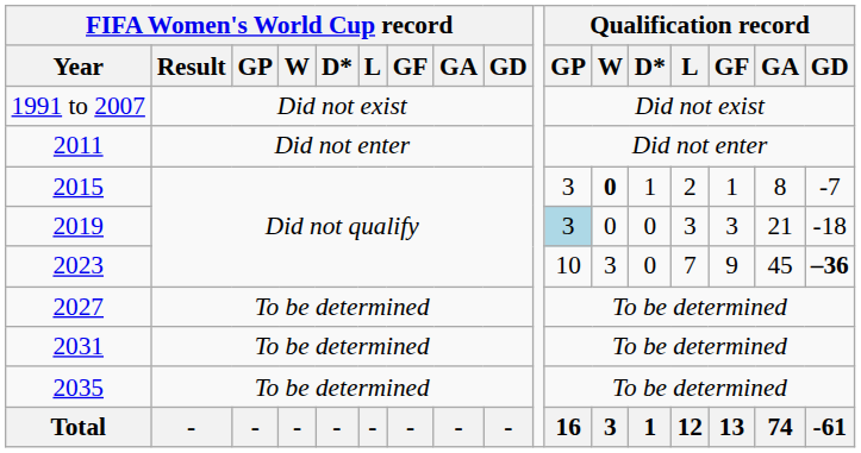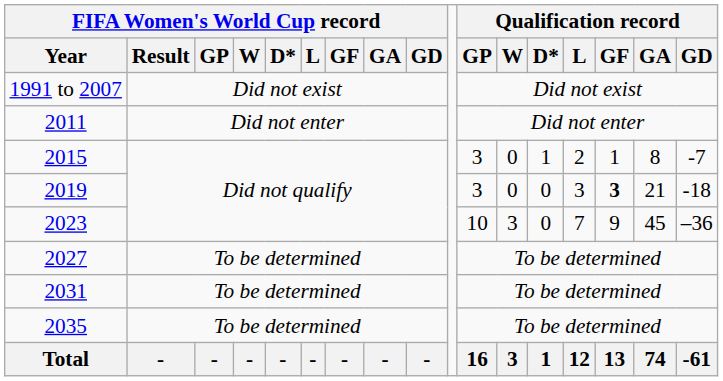 <table class="wikitable" style="text-align: center;">
 <tr>
 <th colspan=9><a href='#'>FIFA Women's World Cup</a> record</th>
 <td rowspan=100></td>
 <th colspan=7>Qualification record</th>
 </tr>
 <tr>
 <th>Year</th>
 <th>Result</th>
 <th>GP</th>
 <th>W</th>
 <th>D*</th>
 <th>L</th>
 <th>GF</th>
 <th>GA</th>
 <th>GD</th>
 <th>GP</th>
 <th>W</th>
 <th>D*</th>
 <th>L</th>
 <th>GF</th>
 <th>GA</th>
 <th>GD</th>
 </tr>
 <tr>
 <td> <a href='#'>1991</a> to  <a href='#'>2007</a></td>
 <td colspan=8><em>Did not exist</em></td>
 <td colspan=7><em>Did not exist</em></td>
 </tr>
 <tr>
 <td> <a href='#'>2011</a></td>
 <td colspan=8><em>Did not enter</em></td>
 <td colspan=7><em>Did not enter</em></td>
 </tr>
 <tr>
 <td> <a href='#'>2015</a></td>
 <td colspan=8 rowspan=3><em>Did not qualify</em></td>
 <td>3</td>
-<td><strong>0</strong></td>
+<td>0</td>
 <td>1</td>
 <td>2</td>
 <td>1</td>
 <td>8</td>
 <td>-7</td>
 </tr>
 <tr>
 <td> <a href='#'>2019</a></td>
-<td style="background: lightblue;">3</td>
+<td>3</td>
 <td>0</td>
 <td>0</td>
 <td>3</td>
-<td>3</td>
+<td><strong>3</strong></td>
 <td>21</td>
 <td>-18</td>
 </tr>
 <tr>
 <td> <a href='#'>2023</a></td>
 <td>10</td>
 <td>3</td>
 <td>0</td>
 <td>7</td>
 <td>9</td>
 <td>45</td>
-<td><strong>–36</strong></td>
+<td>–36</td>
 </tr>
 <tr>
 <td> <a href='#'>2027</a></td>
 <td colspan=8><em>To be determined</em></td>
 <td colspan=7><em>To be determined</em></td>
 </tr>
 <tr>
 <td> <a href='#'>2031</a></td>
 <td colspan=8><em>To be determined</em></td>
 <td colspan=7><em>To be determined</em></td>
 </tr>
 <tr>
 <td> <a href='#'>2035</a></td>
 <td colspan=8><em>To be determined</em></td>
 <td colspan=7><em>To be determined</em></td>
 </tr>
 <tr>
 <th>Total</th>
 <th>-</th>
 <th>-</th>
 <th>-</th>
 <th>-</th>
 <th>-</th>
 <th>-</th>
 <th>-</th>
 <th>-</th>
 <th>16</th>
 <th>3</th>
 <th>1</th>
 <th>12</th>
 <th>13</th>
 <th>74</th>
 <th>-61</th>
 </tr>
 </table>
